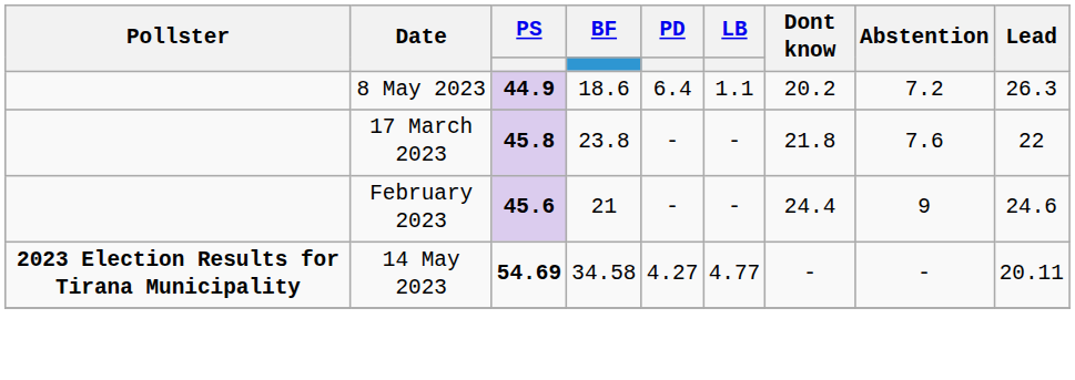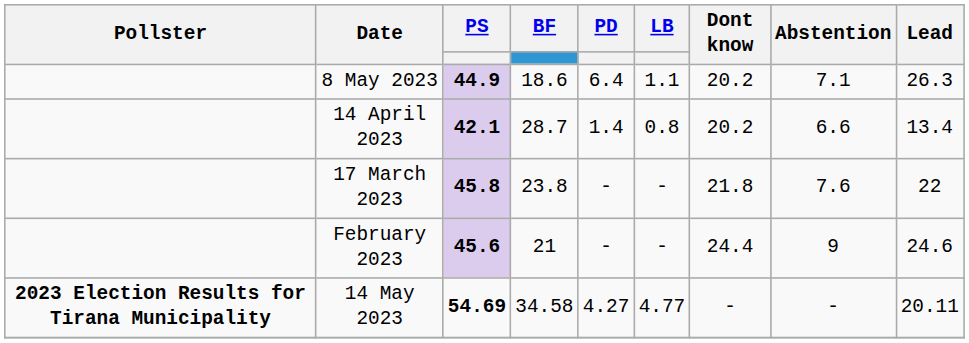 <table class="wikitable" style="text-align:center; font-size:95%; line-height:16px; margin-bottom:0">
 <tr>
 <th rowspan="2">Pollster</th>
 <th rowspan="2">Date</th>
 <th><a href='#'>PS</a></th>
 <th><a href='#'>BF</a></th>
 <th><a href='#'>PD</a></th>
 <th><a href='#'>LB</a></th>
 <th rowspan="2">Dont know</th>
 <th rowspan="2">Abstention</th>
 <th rowspan="2">Lead</th>
 </tr>
 <tr>
 <th style="background:"></th>
 <th style="background:#2E96D2;"></th>
 <th style="background:"></th>
 <th style="background:"></th>
 </tr>
 <tr>
 <td></td>
 <td>8 May 2023</td>
 <td bgcolor="#DBCCEE"><strong>44.9</strong></td>
 <td>18.6</td>
 <td>6.4</td>
 <td>1.1</td>
 <td>20.2</td>
-<td>7.2</td>
+<td>7.1</td>
 <td style="background:">26.3</td>
+</tr>
+<tr>
+<td></td>
+<td>14 April 2023</td>
+<td bgcolor="#DBCCEE"><strong>42.1</strong></td>
+<td>28.7</td>
+<td>1.4</td>
+<td>0.8</td>
+<td>20.2</td>
+<td>6.6</td>
+<td style="background:">13.4</td>
 </tr>
 <tr>
 <td></td>
 <td>17 March 2023</td>
 <td bgcolor="#DBCCEE"><strong>45.8</strong></td>
 <td>23.8</td>
 <td>-</td>
 <td>-</td>
 <td>21.8</td>
 <td>7.6</td>
 <td style="background:">22</td>
 </tr>
 <tr>
 <td></td>
 <td>February 2023</td>
 <td bgcolor="#DBCCEE"><strong>45.6</strong></td>
 <td>21</td>
 <td>-</td>
 <td>-</td>
 <td>24.4</td>
 <td>9</td>
 <td style="background:">24.6</td>
 </tr>
 <tr>
 <td><strong>2023 Election Results for Tirana Municipality</strong></td>
 <td>14 May 2023</td>
 <td><strong>54.69</strong></td>
 <td>34.58</td>
 <td>4.27</td>
 <td>4.77</td>
 <td>-</td>
 <td>-</td>
 <td>20.11</td>
 </tr>
 <tr>
 </tr>
 </table>
